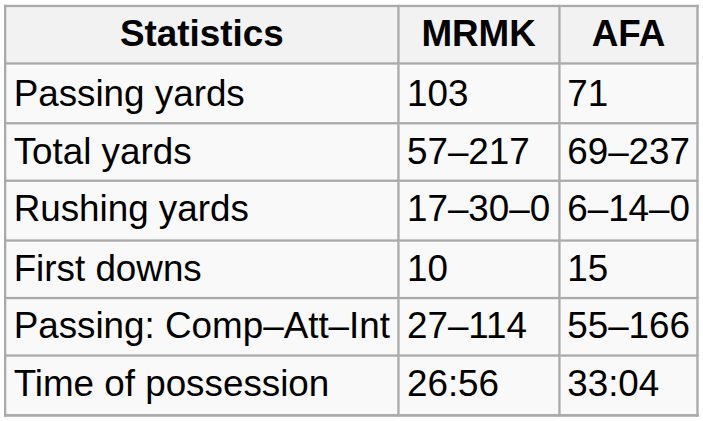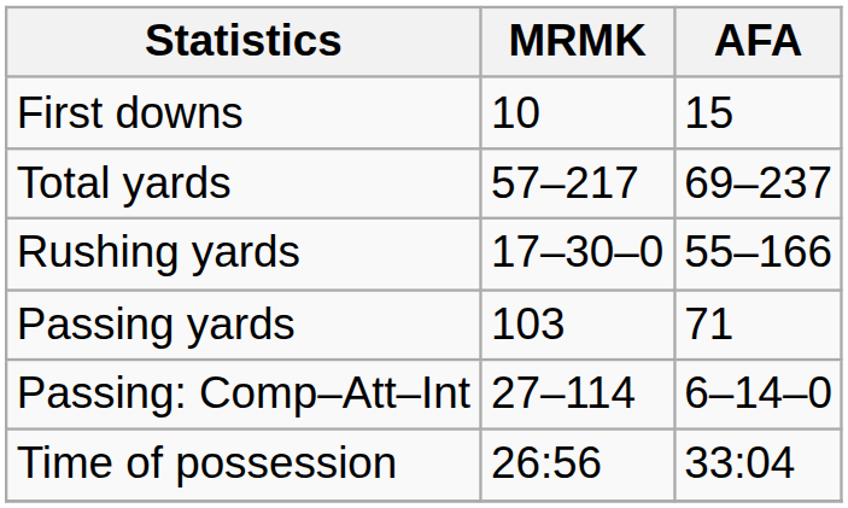 <table class="wikitable" style="float: left;">
 <tr>
 <th>Statistics</th>
 <th>MRMK</th>
 <th>AFA</th>
 </tr>
 <tr>
-<td>Passing yards</td>
-<td>103</td>
-<td>71</td>
+<td>First downs</td>
+<td>10</td>
+<td>15</td>
 </tr>
 <tr>
 <td>Total yards</td>
 <td>57–217</td>
 <td>69–237</td>
 </tr>
 <tr>
 <td>Rushing yards</td>
 <td>17–30–0</td>
-<td>6–14–0</td>
+<td>55–166</td>
 </tr>
 <tr>
-<td>First downs</td>
-<td>10</td>
-<td>15</td>
+<td>Passing yards</td>
+<td>103</td>
+<td>71</td>
 </tr>
 <tr>
 <td>Passing: Comp–Att–Int</td>
 <td>27–114</td>
-<td>55–166</td>
+<td>6–14–0</td>
 </tr>
 <tr>
 <td>Time of possession</td>
 <td>26:56</td>
 <td>33:04</td>
 </tr>
 <tr>
 </tr>
 </table>
